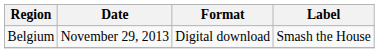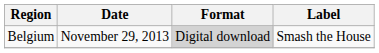 <table class="wikitable">
 <tr>
 <th>Region</th>
 <th>Date</th>
 <th>Format</th>
 <th>Label</th>
 </tr>
 <tr>
 <td>Belgium</td>
 <td>November 29, 2013</td>
-<td>Digital download</td>
+<td style="background: lightgrey;">Digital download</td>
 <td>Smash the House</td>
 </tr>
 <tr>
 </tr>
 </table>
